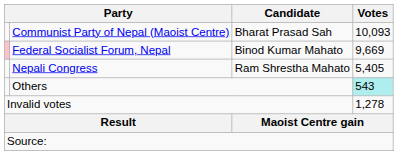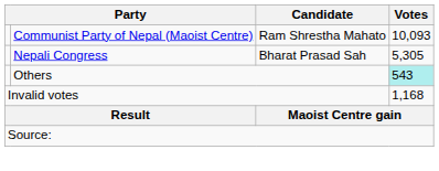 <table class="wikitable">
 <tr>
 <th colspan="2">Party</th>
 <th>Candidate</th>
 <th>Votes</th>
 </tr>
 <tr>
 <td style="background-color:"></td>
 <td><a href='#'>Communist Party of Nepal (Maoist Centre)</a></td>
-<td>Bharat Prasad Sah</td>
+<td>Ram Shrestha Mahato</td>
 <td>10,093</td>
-</tr>
-<tr>
-<td style="background-color:pink"></td>
-<td><a href='#'>Federal Socialist Forum, Nepal</a></td>
-<td>Binod Kumar Mahato</td>
-<td>9,669</td>
 </tr>
 <tr>
 <td style="background-color:"></td>
 <td><a href='#'>Nepali Congress</a></td>
-<td>Ram Shrestha Mahato</td>
-<td>5,405</td>
+<td>Bharat Prasad Sah</td>
+<td>5,305</td>
 </tr>
 <tr>
 <td></td>
 <td colspan="2">Others</td>
 <td style="background: paleturquoise;">543</td>
 </tr>
 <tr>
 <td colspan="3">Invalid votes</td>
-<td>1,278</td>
+<td>1,168</td>
 </tr>
 <tr>
 <th colspan="2">Result</th>
 <th colspan="2">Maoist Centre gain</th>
 </tr>
 <tr>
 <td colspan="4">Source: </td>
 </tr>
 </table>
